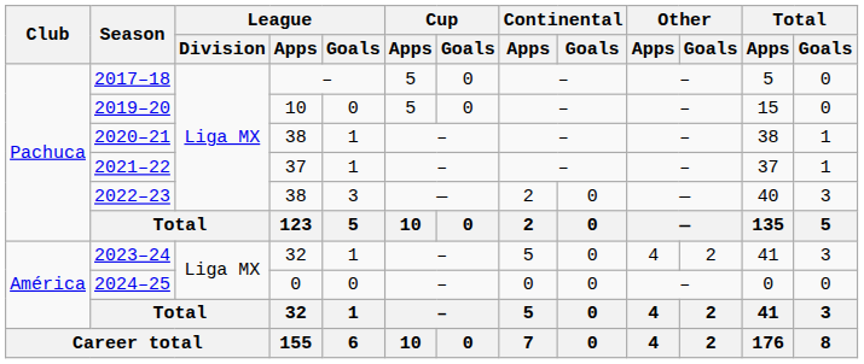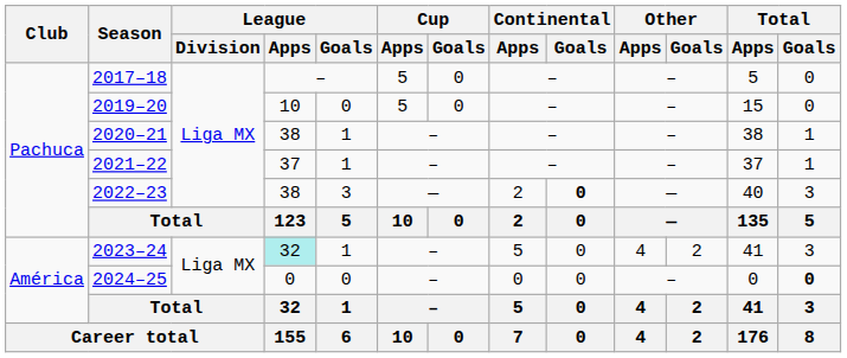 <table class="wikitable" style="text-align: center">
 <tr>
 <th rowspan="2">Club</th>
 <th rowspan="2">Season</th>
 <th colspan="3">League</th>
 <th colspan="2">Cup</th>
 <th colspan="2">Continental</th>
 <th colspan="2">Other</th>
 <th colspan="2">Total</th>
 </tr>
 <tr>
 <th>Division</th>
 <th>Apps</th>
 <th>Goals</th>
 <th>Apps</th>
 <th>Goals</th>
 <th>Apps</th>
 <th>Goals</th>
 <th>Apps</th>
 <th>Goals</th>
 <th>Apps</th>
 <th>Goals</th>
 </tr>
 <tr>
 <td rowspan="6"><a href='#'>Pachuca</a></td>
 <td><a href='#'>2017–18</a></td>
 <td rowspan="5"><a href='#'>Liga MX</a></td>
 <td colspan="2">–</td>
 <td>5</td>
 <td>0</td>
 <td colspan="2">–</td>
 <td colspan="2">–</td>
 <td>5</td>
 <td>0</td>
 </tr>
 <tr>
 <td><a href='#'>2019–20</a></td>
 <td>10</td>
 <td>0</td>
 <td>5</td>
 <td>0</td>
 <td colspan="2">–</td>
 <td colspan="2">–</td>
 <td>15</td>
 <td>0</td>
 </tr>
 <tr>
 <td><a href='#'>2020–21</a></td>
 <td>38</td>
 <td>1</td>
 <td colspan="2">–</td>
 <td colspan="2">–</td>
 <td colspan="2">–</td>
 <td>38</td>
 <td>1</td>
 </tr>
 <tr>
 <td><a href='#'>2021–22</a></td>
 <td>37</td>
 <td>1</td>
 <td colspan="2">–</td>
 <td colspan="2">–</td>
 <td colspan="2">–</td>
 <td>37</td>
 <td>1</td>
 </tr>
 <tr>
 <td><a href='#'>2022–23</a></td>
 <td>38</td>
 <td>3</td>
 <td colspan="2">—</td>
 <td>2</td>
-<td>0</td>
+<td><strong>0</strong></td>
 <td colspan="2">—</td>
 <td>40</td>
 <td>3</td>
 </tr>
 <tr>
 <th colspan="2">Total</th>
 <th>123</th>
 <th>5</th>
 <th>10</th>
 <th>0</th>
 <th>2</th>
 <th>0</th>
 <th colspan="2">—</th>
 <th>135</th>
 <th>5</th>
 </tr>
 <tr>
 <td rowspan="3"><a href='#'>América</a></td>
 <td><a href='#'>2023–24</a></td>
 <td rowspan="2">Liga MX</td>
-<td>32</td>
+<td style="background: paleturquoise;">32</td>
 <td>1</td>
 <td colspan="2">–</td>
 <td>5</td>
 <td>0</td>
 <td>4</td>
 <td>2</td>
 <td>41</td>
 <td>3</td>
 </tr>
 <tr>
 <td><a href='#'>2024–25</a></td>
 <td>0</td>
 <td>0</td>
 <td colspan="2">–</td>
 <td>0</td>
 <td>0</td>
 <td colspan="2">–</td>
 <td>0</td>
-<td>0</td>
+<td><strong>0</strong></td>
 </tr>
 <tr>
 <th colspan="2">Total</th>
 <th>32</th>
 <th>1</th>
 <th colspan="2">–</th>
 <th>5</th>
 <th>0</th>
 <th>4</th>
 <th>2</th>
 <th>41</th>
 <th>3</th>
 </tr>
 <tr>
 <th colspan="3"><strong>Career total</strong></th>
 <th>155</th>
 <th>6</th>
 <th>10</th>
 <th>0</th>
 <th>7</th>
 <th>0</th>
 <th>4</th>
 <th>2</th>
 <th>176</th>
 <th>8</th>
 </tr>
 </table>
